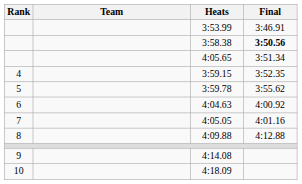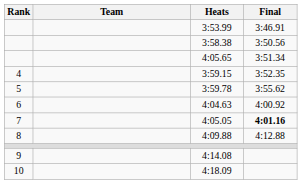 <table class=wikitable style="text-align:center">
 <tr>
 <th width=40>Rank</th>
 <th width=250>Team</th>
 <th width=80>Heats</th>
 <th width=80>Final</th>
 </tr>
 <tr>
 <td></td>
 <td align=left></td>
 <td>3:53.99</td>
 <td>3:46.91</td>
 </tr>
 <tr>
 <td></td>
 <td align=left></td>
 <td>3:58.38</td>
-<td><strong>3:50.56</strong></td>
+<td>3:50.56</td>
 </tr>
 <tr>
 <td></td>
 <td align=left></td>
 <td>4:05.65</td>
 <td>3:51.34</td>
 </tr>
 <tr>
 <td>4</td>
 <td align=left></td>
 <td>3:59.15</td>
 <td>3:52.35</td>
 </tr>
 <tr>
 <td>5</td>
 <td align=left></td>
 <td>3:59.78</td>
 <td>3:55.62</td>
 </tr>
 <tr>
 <td>6</td>
 <td align=left></td>
 <td>4:04.63</td>
 <td>4:00.92</td>
 </tr>
 <tr>
 <td>7</td>
 <td align=left></td>
 <td>4:05.05</td>
-<td>4:01.16</td>
+<td><strong>4:01.16</strong></td>
 </tr>
 <tr>
 <td>8</td>
 <td align=left></td>
 <td>4:09.88</td>
 <td>4:12.88</td>
 </tr>
 <tr bgcolor=#DDDDDD>
 <td colspan=4></td>
 </tr>
 <tr>
 <td>9</td>
 <td align=left></td>
 <td>4:14.08</td>
 <td></td>
 </tr>
 <tr>
 <td>10</td>
 <td align=left></td>
 <td>4:18.09</td>
 <td></td>
 </tr>
 </table>
